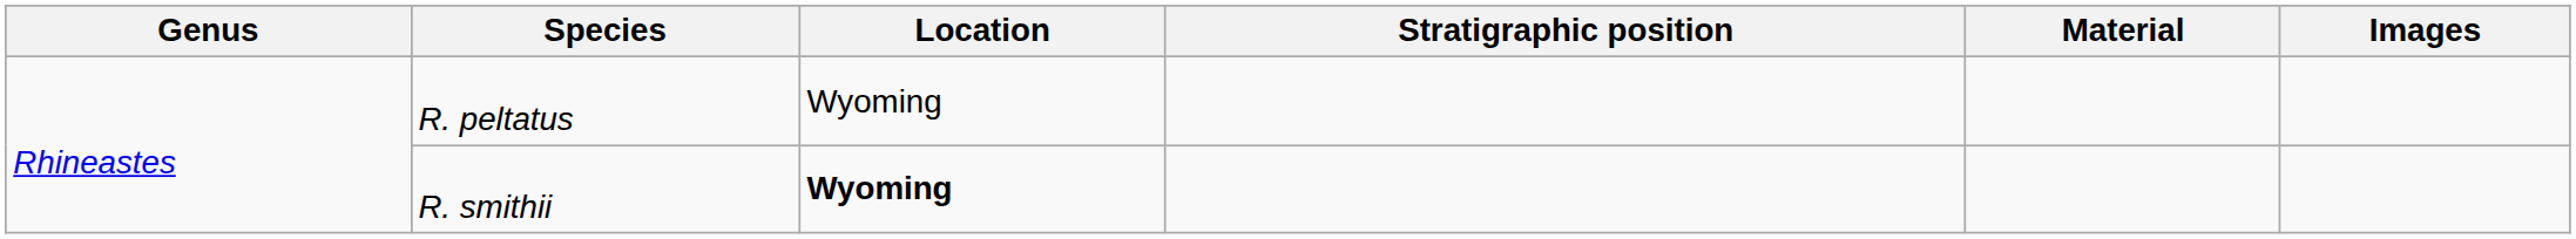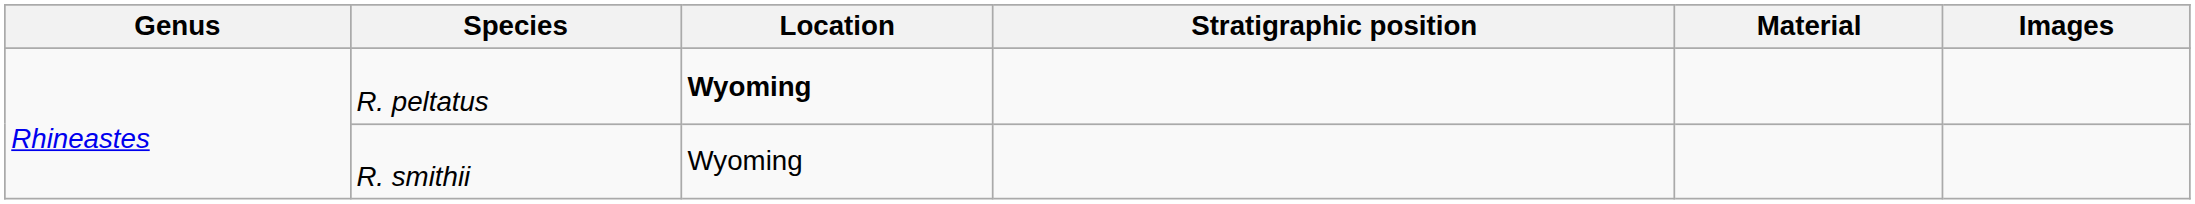 <table class="wikitable sortable mw-collapsible" style="margin:auto; width:100%">
 <tr>
 <th>Genus</th>
 <th>Species</th>
 <th>Location</th>
 <th>Stratigraphic position</th>
 <th>Material</th>
 <th>Images</th>
 </tr>
 <tr>
 <td rowspan=2><br><em><a href='#'>Rhineastes</a></em></td>
 <td><br><em>R. peltatus</em></td>
-<td>Wyoming</td>
+<td><strong>Wyoming</strong></td>
 <td></td>
 <td></td>
 <td></td>
 </tr>
 <tr>
 <td><br><em>R. smithii</em></td>
-<td><strong>Wyoming</strong></td>
+<td>Wyoming</td>
 <td></td>
 <td></td>
 <td></td>
 </tr>
 </table>
